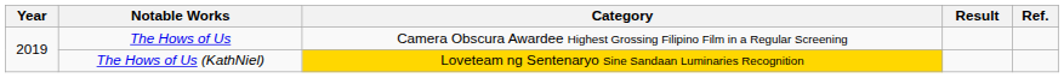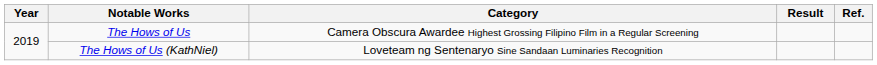 <table class="wikitable sortable"  style="text-align:center; width:60%;">
 <tr>
 <th>Year</th>
 <th>Notable Works</th>
 <th>Category</th>
 <th>Result</th>
 <th>Ref.</th>
 </tr>
 <tr>
 <td rowspan=2>2019</td>
 <td><em><a href='#'>The Hows of Us</a></em></td>
 <td>Camera Obscura Awardee <small> Highest Grossing Filipino Film in a Regular Screening </small></td>
 <td></td>
 <td></td>
 </tr>
 <tr>
 <td><em><a href='#'>The Hows of Us</a> (KathNiel)</em></td>
-<td style="background: gold;">Loveteam ng Sentenaryo <small> Sine Sandaan Luminaries Recognition </small></td>
+<td>Loveteam ng Sentenaryo <small> Sine Sandaan Luminaries Recognition </small></td>
 <td></td>
 <td></td>
 </tr>
 </table>
